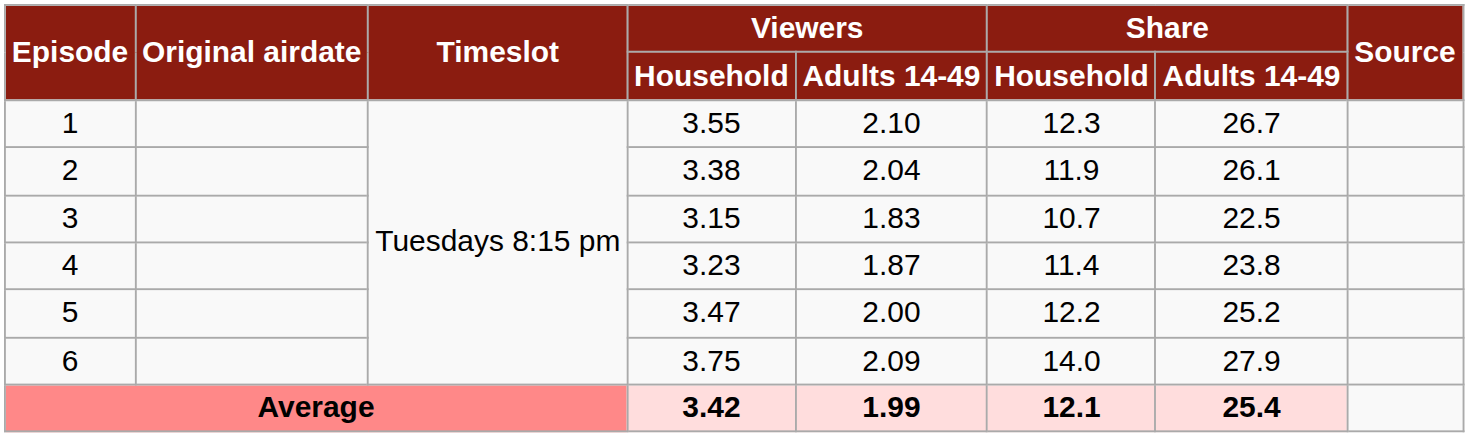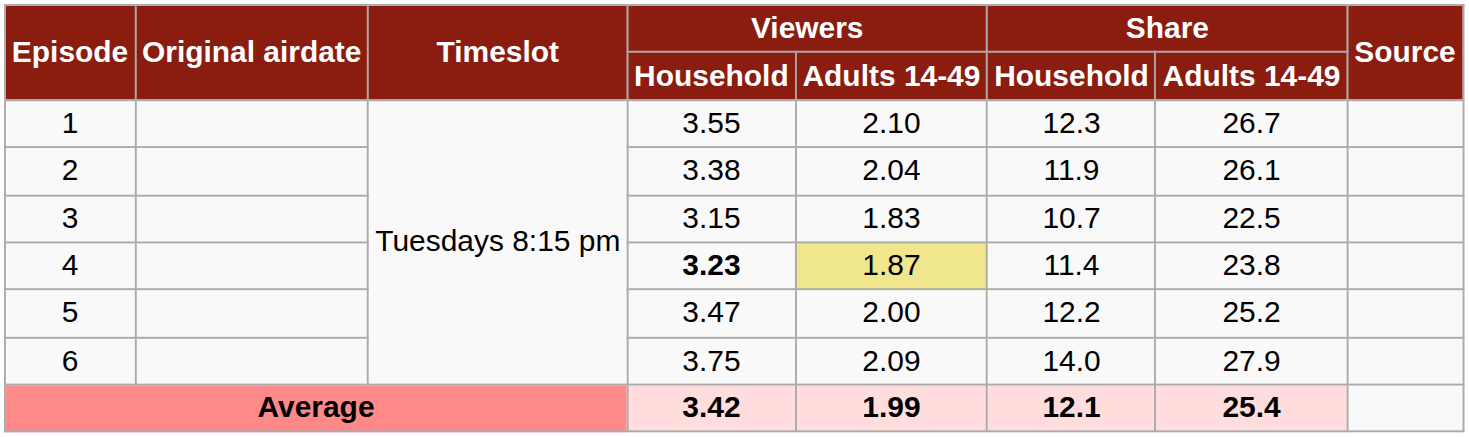 <table class="wikitable" style="text-align:center;">
 <tr>
 <th style="background:#8b1c10; color:#fff;" rowspan="2">Episode</th>
 <th style="background:#8b1c10; color:#fff;" rowspan="2">Original airdate</th>
 <th style="background:#8b1c10; color:#fff;" rowspan="2">Timeslot</th>
 <th style="background:#8b1c10; color:#fff;" colspan="2">Viewers<br><small></small></th>
 <th style="background:#8b1c10; color:#fff;" colspan="2">Share<br><small></small></th>
 <th style="background:#8b1c10; color:#fff;" rowspan="2">Source</th>
 </tr>
 <tr>
 <th style="background:#8b1c10; color:#fff;">Household</th>
 <th style="background:#8b1c10; color:#fff;">Adults 14-49</th>
 <th style="background:#8b1c10; color:#fff;">Household</th>
 <th style="background:#8b1c10; color:#fff;">Adults 14-49</th>
 </tr>
 <tr>
 <td>1</td>
 <td></td>
 <td rowspan="6">Tuesdays 8:15 pm</td>
 <td>3.55</td>
 <td>2.10</td>
 <td>12.3</td>
 <td>26.7</td>
 <td></td>
 </tr>
 <tr>
 <td>2</td>
 <td></td>
 <td>3.38</td>
 <td>2.04</td>
 <td>11.9</td>
 <td>26.1</td>
 <td></td>
 </tr>
 <tr>
 <td>3</td>
 <td></td>
 <td>3.15</td>
 <td>1.83</td>
 <td>10.7</td>
 <td>22.5</td>
 <td></td>
 </tr>
 <tr>
 <td>4</td>
 <td></td>
-<td>3.23</td>
-<td>1.87</td>
+<td><strong>3.23</strong></td>
+<td style="background: khaki;">1.87</td>
 <td>11.4</td>
 <td>23.8</td>
 <td></td>
 </tr>
 <tr>
 <td>5</td>
 <td></td>
 <td>3.47</td>
 <td>2.00</td>
 <td>12.2</td>
 <td>25.2</td>
 <td></td>
 </tr>
 <tr>
 <td>6</td>
 <td></td>
 <td>3.75</td>
 <td>2.09</td>
 <td>14.0</td>
 <td>27.9</td>
 <td></td>
 </tr>
 <tr>
 <th style="background:#ff8888;" colspan="3">Average</th>
 <td style="background:#ffdddd;"><strong>3.42</strong></td>
 <td style="background:#ffdddd;"><strong>1.99</strong></td>
 <td style="background:#ffdddd;"><strong>12.1</strong></td>
 <td style="background:#ffdddd;"><strong>25.4</strong></td>
 <td></td>
 </tr>
 </table>
